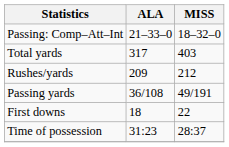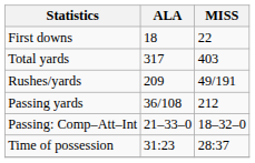 <table class="wikitable" style="float: left;">
 <tr>
 <th>Statistics</th>
 <th>ALA</th>
 <th>MISS</th>
 </tr>
 <tr>
-<td>Passing: Comp–Att–Int</td>
-<td>21–33–0</td>
-<td>18–32–0</td>
+<td>First downs</td>
+<td>18</td>
+<td>22</td>
 </tr>
 <tr>
 <td>Total yards</td>
 <td>317</td>
 <td>403</td>
 </tr>
 <tr>
 <td>Rushes/yards</td>
 <td>209</td>
-<td>212</td>
+<td>49/191</td>
 </tr>
 <tr>
 <td>Passing yards</td>
 <td>36/108</td>
-<td>49/191</td>
+<td>212</td>
 </tr>
 <tr>
-<td>First downs</td>
-<td>18</td>
-<td>22</td>
+<td>Passing: Comp–Att–Int</td>
+<td>21–33–0</td>
+<td>18–32–0</td>
 </tr>
 <tr>
 <td>Time of possession</td>
 <td>31:23</td>
 <td>28:37</td>
 </tr>
 <tr>
 </tr>
 </table>
